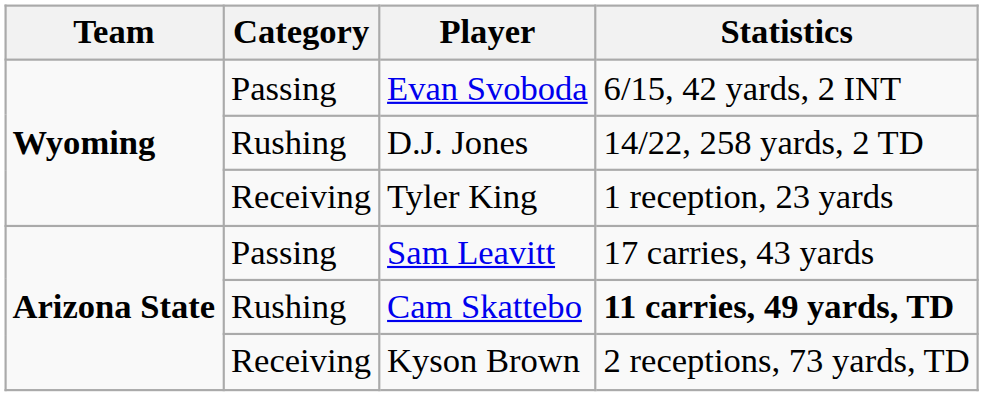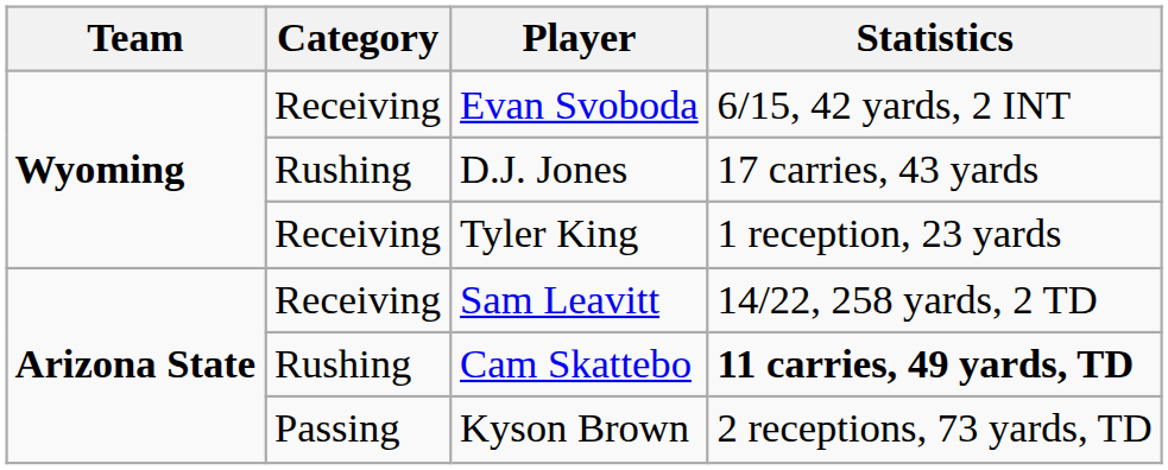 <table class="wikitable" style="float: right;">
 <tr>
 <th>Team</th>
 <th>Category</th>
 <th>Player</th>
 <th>Statistics</th>
 </tr>
 <tr>
 <td rowspan=3><strong>Wyoming</strong></td>
-<td>Passing</td>
+<td>Receiving</td>
 <td><a href='#'>Evan Svoboda</a></td>
 <td>6/15, 42 yards, 2 INT</td>
 </tr>
 <tr>
 <td>Rushing</td>
 <td>D.J. Jones</td>
-<td>14/22, 258 yards, 2 TD</td>
+<td>17 carries, 43 yards</td>
 </tr>
 <tr>
 <td>Receiving</td>
 <td>Tyler King</td>
 <td>1 reception, 23 yards</td>
 </tr>
 <tr>
 <td rowspan=3><strong>Arizona State</strong></td>
-<td>Passing</td>
+<td>Receiving</td>
 <td><a href='#'>Sam Leavitt</a></td>
-<td>17 carries, 43 yards</td>
+<td>14/22, 258 yards, 2 TD</td>
 </tr>
 <tr>
 <td>Rushing</td>
 <td><a href='#'>Cam Skattebo</a></td>
 <td><strong>11 carries, 49 yards, TD</strong></td>
 </tr>
 <tr>
-<td>Receiving</td>
+<td>Passing</td>
 <td>Kyson Brown</td>
 <td>2 receptions, 73 yards, TD</td>
 </tr>
 </table>
